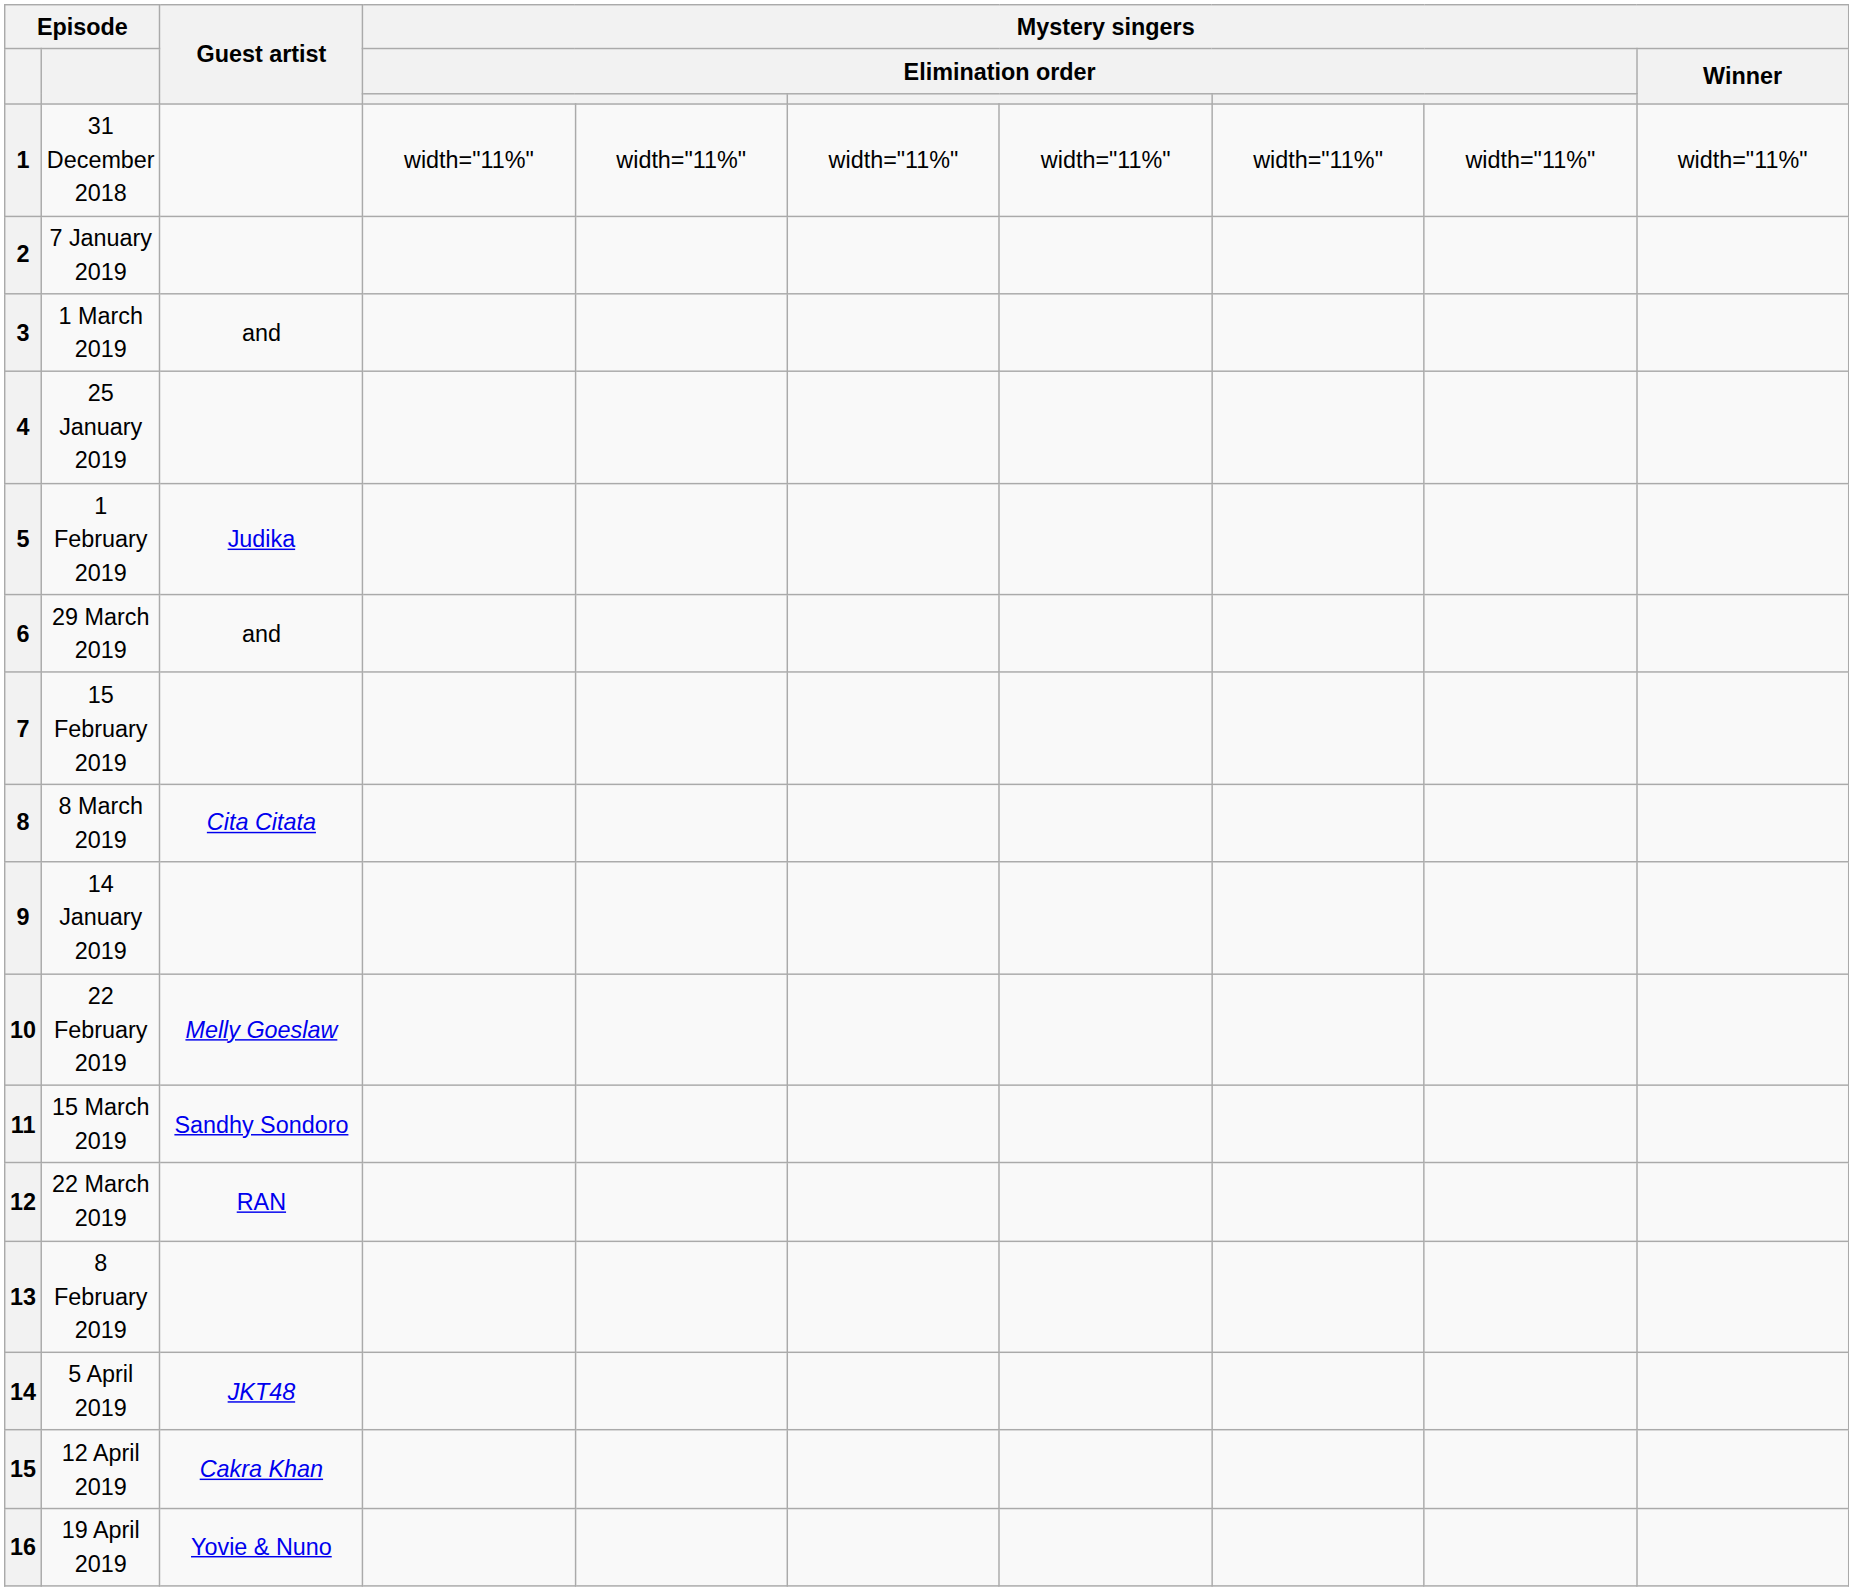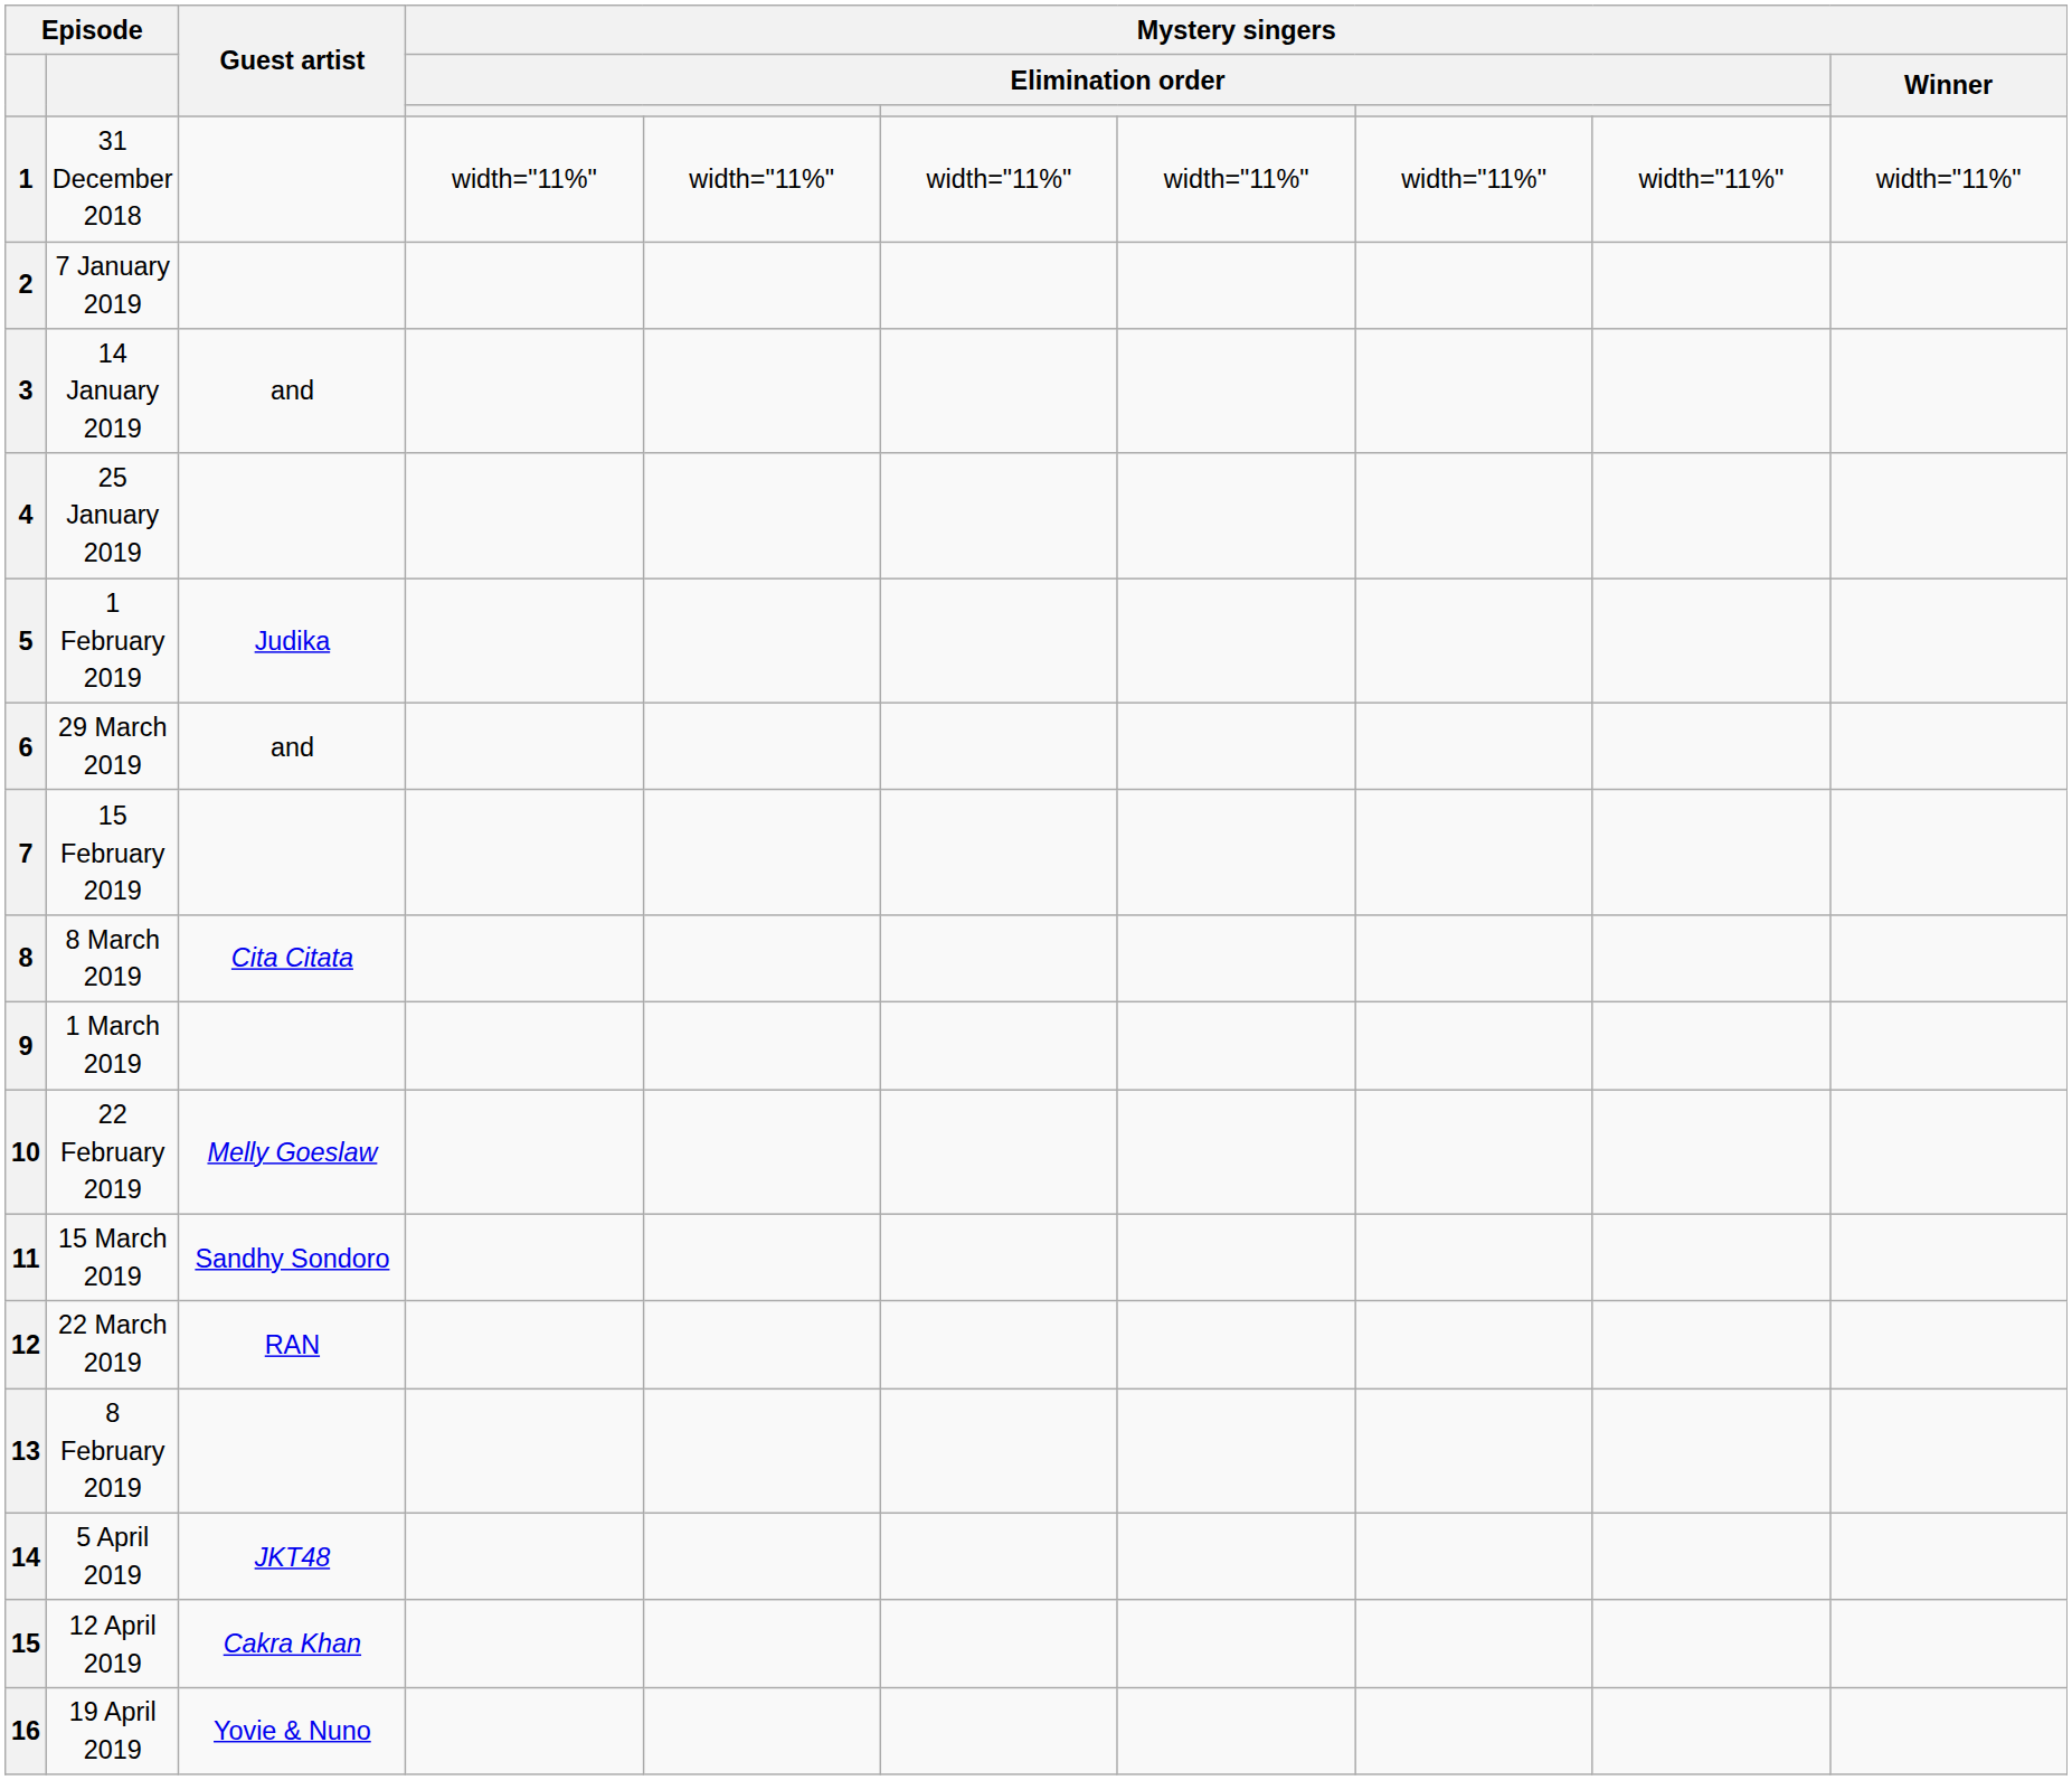 <table class="wikitable plainrowheaders mw-collapsible" style="text-align:center; line-height:23px; width:100%;">
 <tr>
 <th colspan="2" width="1%">Episode</th>
 <th rowspan="3" width="11%">Guest artist</th>
 <th colspan="7">Mystery singers<br></th>
 </tr>
 <tr>
 <th rowspan="2"></th>
 <th rowspan="2"></th>
 <th colspan="6">Elimination order</th>
 <th rowspan="2">Winner</th>
 </tr>
 <tr>
 <th colspan="2"></th>
 <th colspan="2"></th>
 <th colspan="2"></th>
 </tr>
 <tr>
 <th>1</th>
 <td>31 December 2018</td>
 <td></td>
 <td>width="11%" </td>
 <td>width="11%" </td>
 <td>width="11%" </td>
 <td>width="11%" </td>
 <td>width="11%" </td>
 <td>width="11%" </td>
 <td>width="11%" </td>
 </tr>
 <tr>
 <th>2</th>
 <td>7 January 2019</td>
 <td></td>
 <td></td>
 <td></td>
 <td></td>
 <td></td>
 <td></td>
 <td></td>
 <td></td>
 </tr>
 <tr>
 <th>3</th>
-<td>1 March 2019</td>
+<td>14 January 2019</td>
 <td><em></em> and <em><br></em></td>
 <td></td>
 <td></td>
 <td></td>
 <td></td>
 <td></td>
 <td></td>
 <td></td>
 </tr>
 <tr>
 <th>4</th>
 <td>25 January 2019</td>
 <td></td>
 <td></td>
 <td></td>
 <td></td>
 <td></td>
 <td></td>
 <td></td>
 <td></td>
 </tr>
 <tr>
 <th>5</th>
 <td>1 February 2019</td>
 <td><a href='#'>Judika</a></td>
 <td></td>
 <td></td>
 <td></td>
 <td></td>
 <td></td>
 <td></td>
 <td></td>
 </tr>
 <tr>
 <th>6</th>
 <td>29 March 2019</td>
 <td> and <em></em></td>
 <td></td>
 <td></td>
 <td></td>
 <td></td>
 <td></td>
 <td></td>
 <td></td>
 </tr>
 <tr>
 <th>7</th>
 <td>15 February 2019</td>
 <td></td>
 <td></td>
 <td></td>
 <td></td>
 <td></td>
 <td></td>
 <td></td>
 <td></td>
 </tr>
 <tr>
 <th>8</th>
 <td>8 March 2019</td>
 <td><em><a href='#'>Cita Citata</a></em><br></td>
 <td></td>
 <td></td>
 <td></td>
 <td></td>
 <td></td>
 <td></td>
 <td></td>
 </tr>
 <tr>
 <th>9</th>
-<td>14 January 2019</td>
+<td>1 March 2019</td>
 <td></td>
 <td></td>
 <td></td>
 <td></td>
 <td></td>
 <td></td>
 <td></td>
 <td></td>
 </tr>
 <tr>
 <th>10</th>
 <td>22 February 2019</td>
 <td><em><a href='#'>Melly Goeslaw</a></em></td>
 <td></td>
 <td></td>
 <td></td>
 <td></td>
 <td></td>
 <td></td>
 <td></td>
 </tr>
 <tr>
 <th>11</th>
 <td>15 March 2019</td>
 <td><a href='#'>Sandhy Sondoro</a></td>
 <td></td>
 <td></td>
 <td></td>
 <td></td>
 <td></td>
 <td></td>
 <td></td>
 </tr>
 <tr>
 <th>12</th>
 <td>22 March 2019</td>
 <td><a href='#'>RAN</a></td>
 <td></td>
 <td></td>
 <td></td>
 <td></td>
 <td></td>
 <td></td>
 <td></td>
 </tr>
 <tr>
 <th>13</th>
 <td>8 February 2019</td>
 <td></td>
 <td></td>
 <td></td>
 <td></td>
 <td></td>
 <td></td>
 <td></td>
 <td></td>
 </tr>
 <tr>
 <th>14</th>
 <td>5 April 2019</td>
 <td><em><a href='#'>JKT48</a></em></td>
 <td></td>
 <td></td>
 <td></td>
 <td></td>
 <td></td>
 <td></td>
 <td></td>
 </tr>
 <tr>
 <th>15</th>
 <td>12 April 2019</td>
 <td><em><a href='#'>Cakra Khan</a></em></td>
 <td></td>
 <td></td>
 <td></td>
 <td></td>
 <td></td>
 <td></td>
 <td></td>
 </tr>
 <tr>
 <th>16</th>
 <td>19 April 2019</td>
 <td><a href='#'>Yovie & Nuno</a></td>
 <td></td>
 <td></td>
 <td></td>
 <td></td>
 <td></td>
 <td></td>
 <td></td>
 </tr>
 </table>
